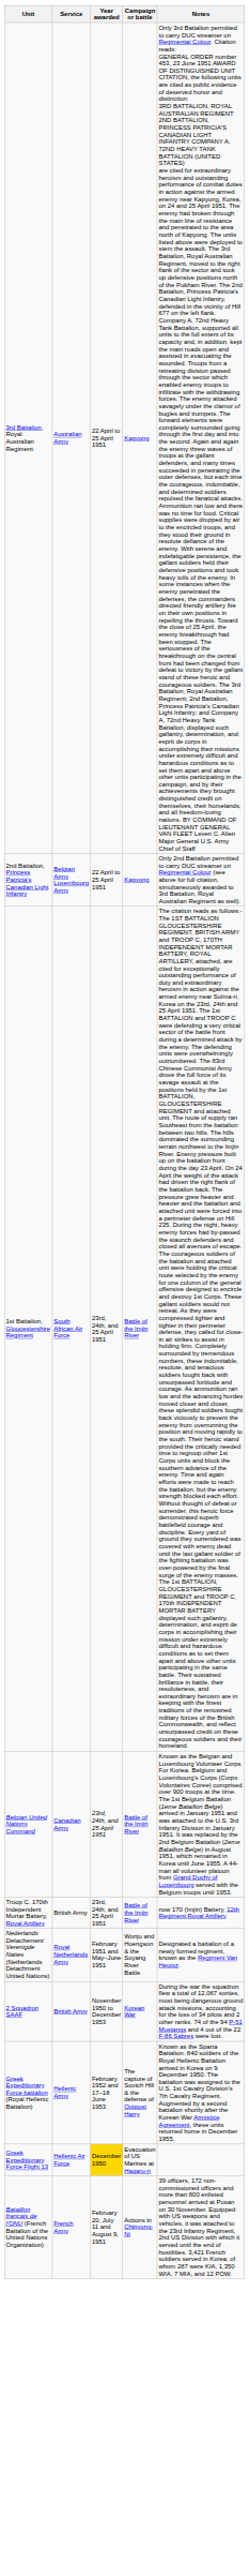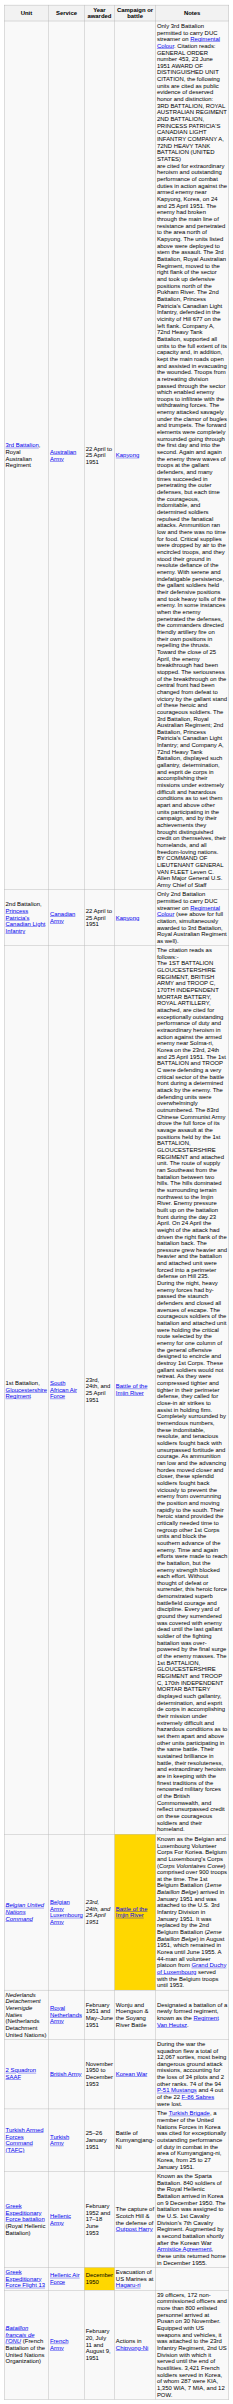 <table class="wikitable sortable mw-collapsible mw-collapsed" align="left">
 <tr>
 <th>Unit</th>
 <th>Service</th>
 <th>Year awarded</th>
 <th>Campaign or battle</th>
 <th>Notes</th>
 </tr>
 <tr>
 <td><a href='#'>3rd Battalion</a>, Royal Australian Regiment</td>
 <td><a href='#'>Australian Army</a></td>
 <td>22 April to 25 April 1951</td>
 <td><a href='#'>Kapyong</a></td>
 <td>Only 3rd Battalion permitted to carry DUC streamer on <a href='#'>Regimental Colour</a>. Citation reads:<br>GENERAL ORDER number 453, 23 June 1951 AWARD OF DISTINGUISHED UNIT CITATION, the following units are cited as public evidence of deserved honor and distinction:<br>3RD BATTALION, ROYAL AUSTRALIAN REGIMENT 2ND BATTALION, PRINCESS PATRICIA'S CANADIAN LIGHT INFANTRY COMPANY A, 72ND HEAVY TANK BATTALION (UNITED STATES)<br>are cited for extraordinary heroism and outstanding performance of combat duties in action against the armed enemy near Kapyong, Korea, on 24 and 25 April 1951. The enemy had broken through the main line of resistance and penetrated to the area north of Kapyong. The units listed above were deployed to stem the assault. The 3rd Battalion, Royal Australian Regiment, moved to the right flank of the sector and took up defensive positions north of the Pukham River. The 2nd Battalion, Princess Patricia's Canadian Light Infantry, defended in the vicinity of Hill 677 on the left flank. Company A, 72nd Heavy Tank Battalion, supported all units to the full extent of its capacity and, in addition, kept the main roads open and assisted in evacuating the wounded. Troops from a retreating division passed through the sector which enabled enemy troops to infiltrate with the withdrawing forces. The enemy attacked savagely under the clamor of bugles and trumpets. The forward elements were completely surrounded going through the first day and into the second. Again and again the enemy threw waves of troops at the gallant defenders, and many times succeeded in penetrating the outer defenses, but each time the courageous, indomitable, and determined soldiers repulsed the fanatical attacks. Ammunition ran low and there was no time for food. Critical supplies were dropped by air to the encircled troops, and they stood their ground in resolute defiance of the enemy. With serene and indefatigable persistence, the gallant soldiers held their defensive positions and took heavy tolls of the enemy. In some instances when the enemy penetrated the defenses, the commanders directed friendly artillery fire on their own positions in repelling the thrusts. Toward the close of 25 April, the enemy breakthrough had been stopped. The seriousness of the breakthrough on the central front had been changed from defeat to victory by the gallant stand of these heroic and courageous soldiers. The 3rd Battalion, Royal Australian Regiment; 2nd Battalion, Princess Patricia's Canadian Light Infantry; and Company A, 72nd Heavy Tank Battalion, displayed such gallantry, determination, and esprit de corps in accomplishing their missions under extremely difficult and hazardous conditions as to set them apart and above other units participating in the campaign, and by their achievements they brought distinguished credit on themselves, their homelands, and all freedom-loving nations. BY COMMAND OF LIEUTENANT GENERAL VAN FLEET Leven C. Allen Major General U.S. Army Chief of Staff</td>
 </tr>
 <tr>
 <td>2nd Battalion, <a href='#'>Princess Patricia's Canadian Light Infantry</a></td>
-<td><a href='#'>Belgian Army</a> <a href='#'>Luxembourg Army</a></td>
+<td><a href='#'>Canadian Army</a></td>
 <td>22 April to 25 April 1951</td>
 <td><a href='#'>Kapyong</a></td>
 <td>Only 2nd Battalion permitted to carry DUC streamer on <a href='#'>Regimental Colour</a> (see above for full citation, simultaneously awarded to 3rd Battalion, Royal Australian Regiment as well).</td>
 </tr>
 <tr>
 <td>1st Battalion, <a href='#'>Gloucestershire Regiment</a></td>
 <td><a href='#'>South African Air Force</a></td>
 <td>23rd, 24th, and 25 April 1951</td>
 <td><a href='#'>Battle of the Imjin River</a></td>
 <td>The citation reads as follows:-<br>The 1ST BATTALION GLOUCESTERSHIRE REGIMENT, BRITISH ARMY and TROOP C, 170TH INDEPENDENT MORTAR BATTERY, ROYAL ARTILLERY, attached, are cited for exceptionally outstanding performance of duty and extraordinary heroism in action against the armed enemy near Solma-ri, Korea on the 23rd, 24th and 25 April 1951. The 1st BATTALION and TROOP C were defending a very critical sector of the battle front during a determined attack by the enemy. The defending units were overwhelmingly outnumbered. The 83rd Chinese Communist Army drove the full force of its savage assault at the positions held by the 1st BATTALION, GLOUCESTERSHIRE REGIMENT and attached unit. The route of supply ran Southeast from the battalion between two hills. The hills dominated the surrounding terrain northwest to the Imjin River. Enemy pressure built up on the battalion front during the day 23 April. On 24 April the weight of the attack had driven the right flank of the battalion back. The pressure grew heavier and heavier and the battalion and attached unit were forced into a perimeter defense on Hill 235. During the night, heavy enemy forces had by-passed the staunch defenders and closed all avenues of escape. The courageous soldiers of the battalion and attached unit were holding the critical route selected by the enemy for one column of the general offensive designed to encircle and destroy 1st Corps. These gallant soldiers would not retreat. As they were compressed tighter and tighter in their perimeter defense, they called for close-in air strikes to assist in holding firm. Completely surrounded by tremendous numbers, these indomitable, resolute, and tenacious soldiers fought back with unsurpassed fortitude and courage. As ammunition ran low and the advancing hordes moved closer and closer, these splendid soldiers fought back viciously to prevent the enemy from overrunning the position and moving rapidly to the south. Their heroic stand provided the critically needed time to regroup other 1st Corps units and block the southern advance of the enemy. Time and again efforts were made to reach the battalion, but the enemy strength blocked each effort. Without thought of defeat or surrender, this heroic force demonstrated superb battlefield courage and discipline. Every yard of ground they surrendered was covered with enemy dead until the last gallant soldier of the fighting battalion was over-powered by the final surge of the enemy masses. The 1st BATTALION, GLOUCESTERSHIRE REGIMENT and TROOP C, 170th INDEPENDENT MORTAR BATTERY displayed such gallantry, determination, and esprit de corps in accomplishing their mission under extremely difficult and hazardous conditions as to set them apart and above other units participating in the same battle. Their sustained brilliance in battle, their resoluteness, and extraordinary heroism are in keeping with the finest traditions of the renowned military forces of the British Commonwealth, and reflect unsurpassed credit on these courageous soldiers and their homeland.</td>
 </tr>
 <tr>
 <td><em><a href='#'>Belgian United Nations Command</a></em></td>
-<td><a href='#'>Canadian Army</a></td>
+<td><a href='#'>Belgian Army</a> <a href='#'>Luxembourg Army</a></td>
 <td><em> 23rd, 24th, and 25 April 1951</em></td>
-<td><a href='#'>Battle of the Imjin River</a></td>
+<td style="background: gold;"><a href='#'>Battle of the Imjin River</a></td>
 <td>Known as the Belgian and Luxembourg Volunteer Corps For Koriea. Belgium and Luxembourg's Corps (<em>Corps Volontaires Coree</em>) comprised over 900 troops at the time. The 1st Belgium Battalion (<em>1eme Bataillon Belge</em>) arrived in January 1951 and was attached to the U.S. 3rd Infantry Division in January 1951. It was replaced by the 2nd Belgium Battalion (<em>2eme Bataillon Belge</em>) in August 1951, which remained in Korea until June 1955. A 44-man all volunteer platoon from <a href='#'>Grand Duchy of Luxembourg</a> served with the Belgium troops until 1953.</td>
-</tr>
-<tr>
-<td>Troop C. 170th Independent Mortar Battery, <a href='#'>Royal Artillery</a></td>
-<td>British Army</td>
-<td>23rd, 24th, and 25 April 1951</td>
-<td><a href='#'>Battle of the Imjin River</a></td>
-<td>now 170 (Imjin) Battery, <a href='#'>12th Regiment Royal Artillery</a></td>
 </tr>
 <tr>
 <td><em>Nederlands Detachement Verenigde Naties</em> (Netherlands Detachment United Nations)</td>
 <td><a href='#'>Royal Netherlands Army</a></td>
 <td>February 1951 and May–June 1951</td>
 <td>Wonju and Hoengson & the Soyang River Battle</td>
 <td>Designated a battalion of a newly formed regiment, known as the <a href='#'>Regiment Van Heutsz</a>.</td>
 </tr>
 <tr>
 <td><a href='#'>2 Squadron SAAF</a></td>
 <td><a href='#'>British Army</a></td>
 <td>November 1950 to December 1953</td>
 <td><a href='#'>Korean War</a></td>
 <td>During the war the squadron flew a total of 12,067 sorties, most being dangerous ground attack missions, accounting for the loss of 34 pilots and 2 other ranks. 74 of the 94 <a href='#'>P-51 Mustangs</a> and 4 out of the 22 <a href='#'>F-86 Sabres</a> were lost.</td>
+</tr>
+<tr>
+<td><a href='#'>Turkish Armed Forces Command (TAFC)</a></td>
+<td><a href='#'>Turkish Army</a></td>
+<td>25–26 January 1951</td>
+<td>Battle of Kumyangjang-Ni</td>
+<td>The <a href='#'>Turkish Brigade</a>, a member of the United Nations Forces in Korea was cited for exceptionally outstanding performance of duty in combat in the area of Kumyangjang-ni, Korea, from 25 to 27 January 1951.</td>
 </tr>
 <tr>
 <td><a href='#'>Greek Expeditionary Force battalion</a> (Royal Hellenic Battalion)</td>
 <td><a href='#'>Hellenic Army</a></td>
 <td>February 1952 and 17–18 June 1953</td>
 <td>The capture of Scotch Hill & the defense of <a href='#'>Outpost Harry</a></td>
 <td>Known as the Sparta Battalion. 840 soldiers of the Royal Hellenic Battalion arrived in Korea on 9 December 1950. The battalion was assigned to the U.S. 1st Cavalry Division's 7th Cavalry Regiment. Augmented by a second battalion shortly after the Korean War <a href='#'>Armistice Agreement</a>, these units returned home in December 1955.</td>
 </tr>
 <tr>
 <td><a href='#'>Greek Expeditionary Force Flight 13</a></td>
 <td><a href='#'>Hellenic Air Force</a></td>
 <td style="background: gold;">December 1950</td>
 <td>Evacuation of US Marines at <a href='#'>Hagaru-ri</a></td>
 <td></td>
 </tr>
 <tr>
 <td><em><a href='#'>Bataillon français de l'ONU</a></em> (French Battalion of the United Nations Organization)</td>
 <td><a href='#'>French Army</a></td>
 <td>February 20, July 11 and August 9, 1951</td>
 <td>Actions in <a href='#'>Chipyong-Ni</a></td>
 <td>39 officers, 172 non-commissioned officers and more than 800 enlisted personnel arrived at Pusan on 30 November. Equipped with US weapons and vehicles, it was attached to the 23rd Infantry Regiment, 2nd US Division with which it served until the end of hostilities. 3,421 French soldiers served in Korea, of whom 287 were KIA, 1,350 WIA, 7 MIA, and 12 POW.</td>
 </tr>
 </table>
